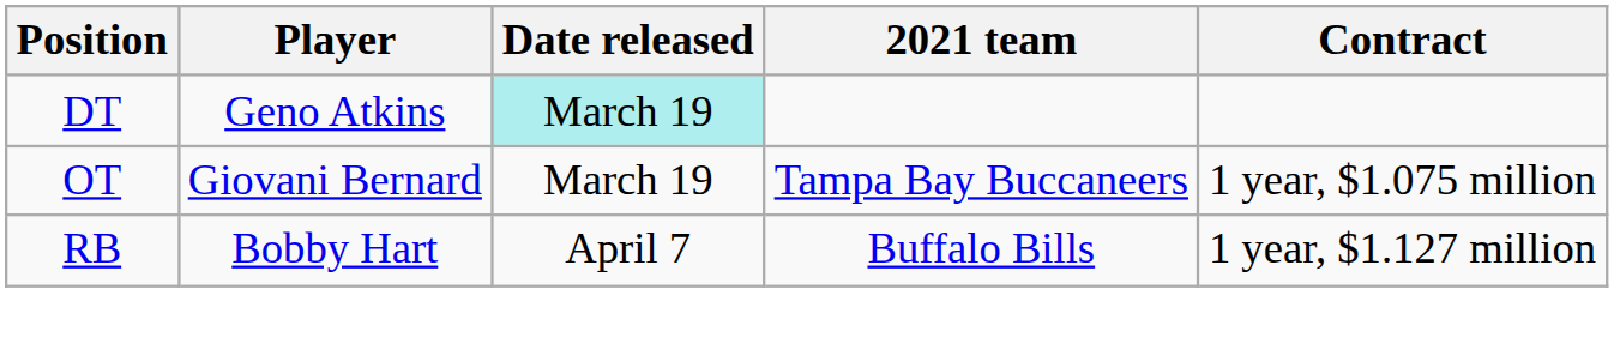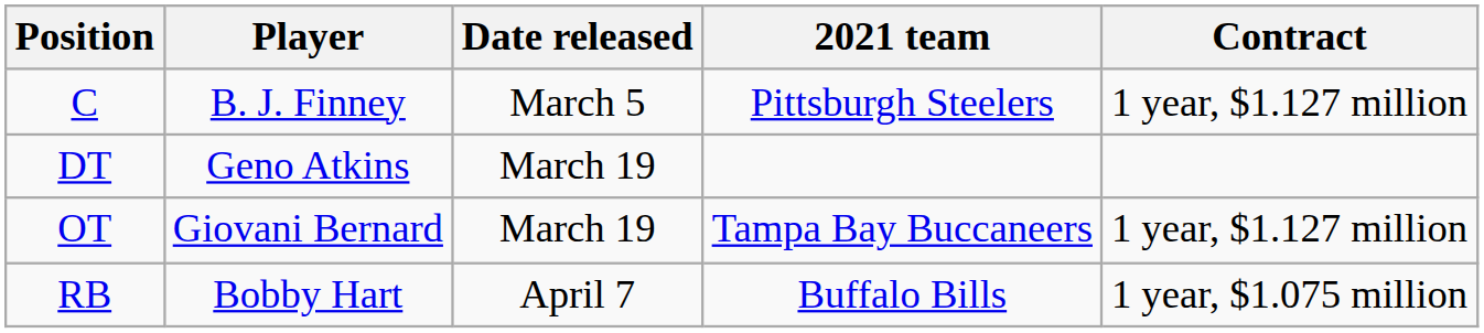 <table class="wikitable" style="text-align:center">
 <tr>
 <th>Position</th>
 <th>Player</th>
 <th>Date released</th>
 <th>2021 team</th>
 <th>Contract</th>
 </tr>
 <tr>
+<td><a href='#'>C</a></td>
+<td><a href='#'>B. J. Finney</a></td>
+<td>March 5</td>
+<td><a href='#'>Pittsburgh Steelers</a></td>
+<td>1 year, $1.127 million</td>
+</tr>
+<tr>
 <td><a href='#'>DT</a></td>
 <td><a href='#'>Geno Atkins</a></td>
-<td style="background: paleturquoise;">March 19</td>
+<td>March 19</td>
 <td></td>
 <td></td>
 </tr>
 <tr>
 <td><a href='#'>OT</a></td>
 <td><a href='#'>Giovani Bernard</a></td>
 <td>March 19</td>
 <td><a href='#'>Tampa Bay Buccaneers</a></td>
-<td>1 year, $1.075 million</td>
+<td>1 year, $1.127 million</td>
 </tr>
 <tr>
 <td><a href='#'>RB</a></td>
 <td><a href='#'>Bobby Hart</a></td>
 <td>April 7</td>
 <td><a href='#'>Buffalo Bills</a></td>
-<td>1 year, $1.127 million</td>
+<td>1 year, $1.075 million</td>
 </tr>
 </table>
